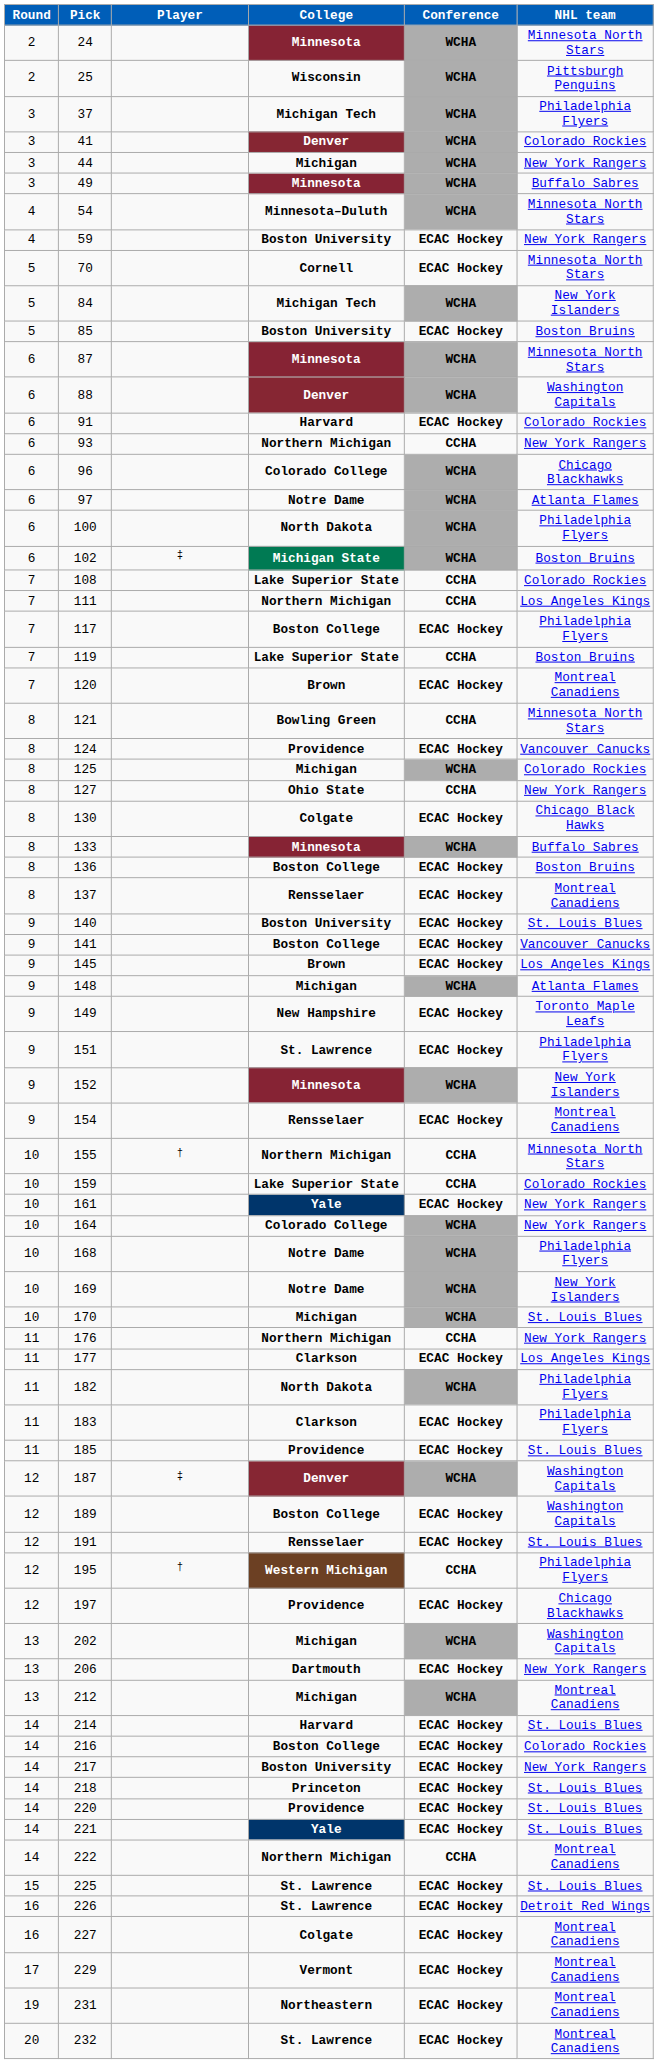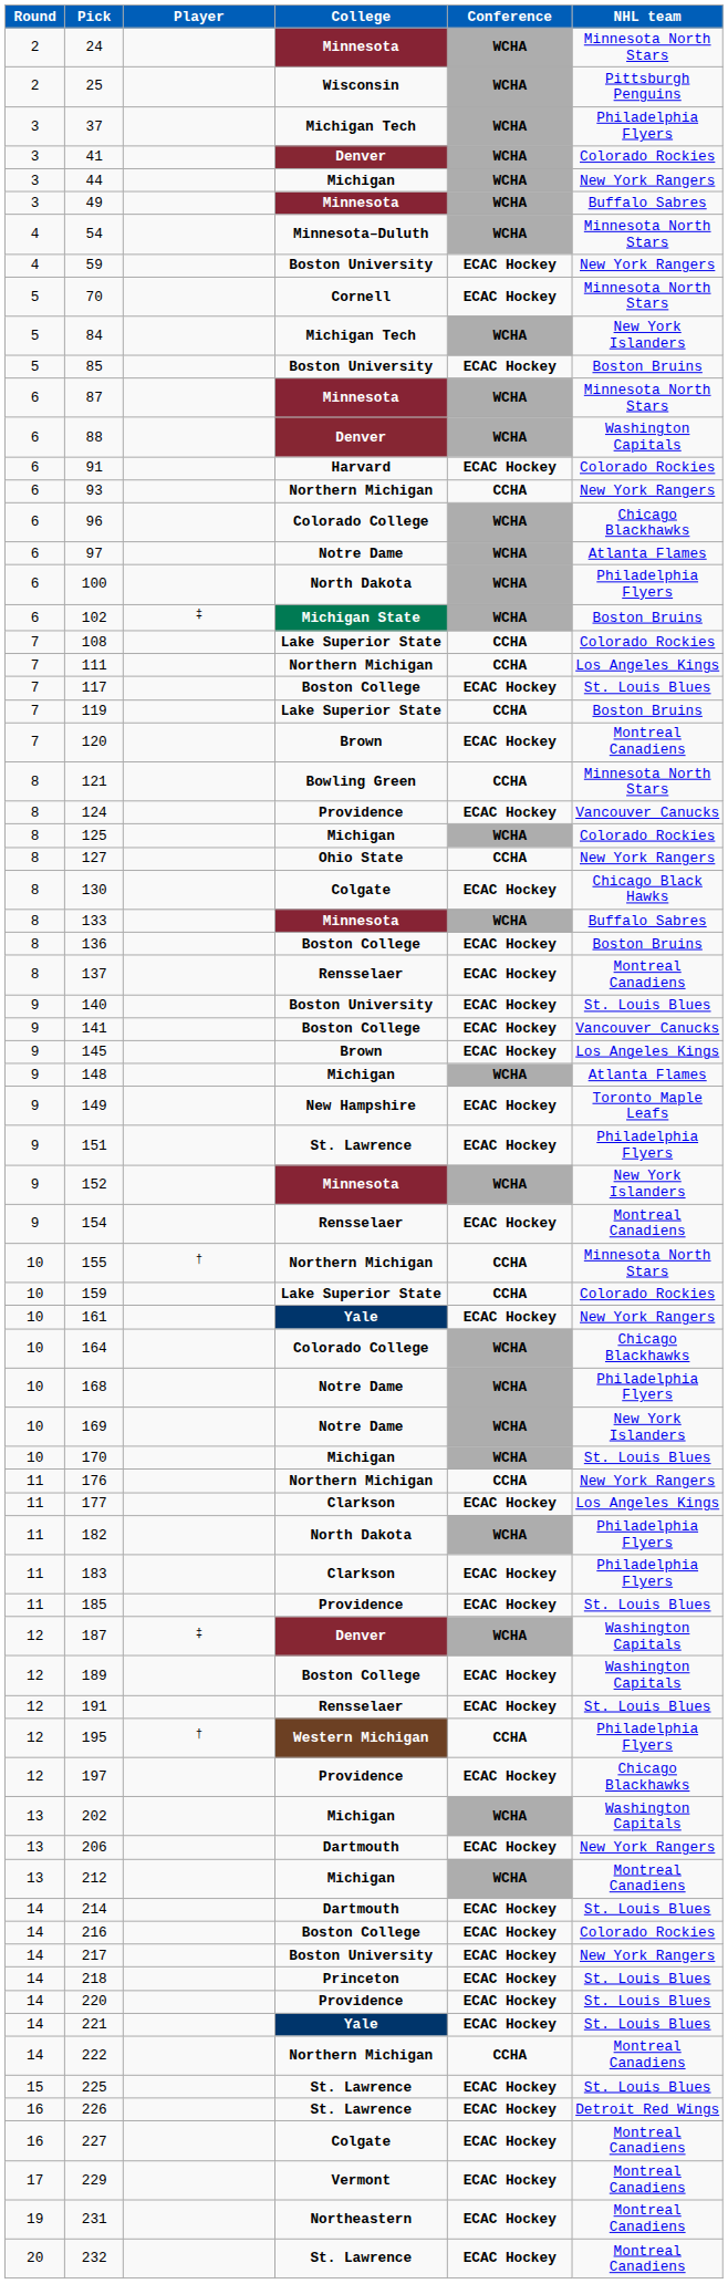 <table class="wikitable sortable" width="75%">
 <tr>
 <th style="color:white; background-color:#005EB8; width: 4em;">Round</th>
 <th style="color:white; background-color:#005EB8; width: 4em;">Pick</th>
 <th style="color:white; background-color:#005EB8; width: 12em;">Player</th>
 <th style="color:white; background-color:#005EB8; width: 13em;">College</th>
 <th style="color:white; background-color:#005EB8; width: 9em;">Conference</th>
 <th style="color:white; background-color:#005EB8; width: 11em;">NHL team</th>
 </tr>
 <tr align="center" bgcolor="">
 <td>2</td>
 <td>24</td>
 <td></td>
 <td style="color:white; background:#862334; "><strong>Minnesota</strong></td>
 <td style="color:black; background:#ADADAD; "><strong>WCHA</strong></td>
 <td><a href='#'>Minnesota North Stars</a></td>
 </tr>
 <tr align="center" bgcolor="">
 <td>2</td>
 <td>25</td>
 <td></td>
 <td><strong>Wisconsin</strong></td>
 <td style="color:black; background:#ADADAD; "><strong>WCHA</strong></td>
 <td><a href='#'>Pittsburgh Penguins</a></td>
 </tr>
 <tr align="center" bgcolor="">
 <td>3</td>
 <td>37</td>
 <td></td>
 <td><strong>Michigan Tech</strong></td>
 <td style="color:black; background:#ADADAD; "><strong>WCHA</strong></td>
 <td><a href='#'>Philadelphia Flyers</a></td>
 </tr>
 <tr align="center" bgcolor="">
 <td>3</td>
 <td>41</td>
 <td></td>
 <td style="color:white; background:#862633; "><strong>Denver</strong></td>
 <td style="color:black; background:#ADADAD; "><strong>WCHA</strong></td>
 <td><a href='#'>Colorado Rockies</a></td>
 </tr>
 <tr align="center" bgcolor="">
 <td>3</td>
 <td>44</td>
 <td></td>
 <td><strong>Michigan</strong></td>
 <td style="color:black; background:#ADADAD; "><strong>WCHA</strong></td>
 <td><a href='#'>New York Rangers</a></td>
 </tr>
 <tr align="center" bgcolor="">
 <td>3</td>
 <td>49</td>
 <td></td>
 <td style="color:white; background:#862334; "><strong>Minnesota</strong></td>
 <td style="color:black; background:#ADADAD; "><strong>WCHA</strong></td>
 <td><a href='#'>Buffalo Sabres</a></td>
 </tr>
 <tr align="center" bgcolor="">
 <td>4</td>
 <td>54</td>
 <td></td>
 <td><strong>Minnesota–Duluth</strong></td>
 <td style="color:black; background:#ADADAD; "><strong>WCHA</strong></td>
 <td><a href='#'>Minnesota North Stars</a></td>
 </tr>
 <tr align="center" bgcolor="">
 <td>4</td>
 <td>59</td>
 <td></td>
 <td><strong>Boston University</strong></td>
 <td><strong>ECAC Hockey</strong></td>
 <td><a href='#'>New York Rangers</a></td>
 </tr>
 <tr align="center" bgcolor="">
 <td>5</td>
 <td>70</td>
 <td></td>
 <td><strong>Cornell</strong></td>
 <td><strong>ECAC Hockey</strong></td>
 <td><a href='#'>Minnesota North Stars</a></td>
 </tr>
 <tr align="center" bgcolor="">
 <td>5</td>
 <td>84</td>
 <td></td>
 <td><strong>Michigan Tech</strong></td>
 <td style="color:black; background:#ADADAD; "><strong>WCHA</strong></td>
 <td><a href='#'>New York Islanders</a></td>
 </tr>
 <tr align="center" bgcolor="">
 <td>5</td>
 <td>85</td>
 <td></td>
 <td><strong>Boston University</strong></td>
 <td><strong>ECAC Hockey</strong></td>
 <td><a href='#'>Boston Bruins</a></td>
 </tr>
 <tr align="center" bgcolor="">
 <td>6</td>
 <td>87</td>
 <td></td>
 <td style="color:white; background:#862334; "><strong>Minnesota</strong></td>
 <td style="color:black; background:#ADADAD; "><strong>WCHA</strong></td>
 <td><a href='#'>Minnesota North Stars</a></td>
 </tr>
 <tr align="center" bgcolor="">
 <td>6</td>
 <td>88</td>
 <td></td>
 <td style="color:white; background:#862633; "><strong>Denver</strong></td>
 <td style="color:black; background:#ADADAD; "><strong>WCHA</strong></td>
 <td><a href='#'>Washington Capitals</a></td>
 </tr>
 <tr align="center" bgcolor="">
 <td>6</td>
 <td>91</td>
 <td></td>
 <td><strong>Harvard</strong></td>
 <td><strong>ECAC Hockey</strong></td>
 <td><a href='#'>Colorado Rockies</a></td>
 </tr>
 <tr align="center" bgcolor="">
 <td>6</td>
 <td>93</td>
 <td></td>
 <td><strong>Northern Michigan</strong></td>
 <td><strong>CCHA</strong></td>
 <td><a href='#'>New York Rangers</a></td>
 </tr>
 <tr align="center" bgcolor="">
 <td>6</td>
 <td>96</td>
 <td></td>
 <td><strong>Colorado College</strong></td>
 <td style="color:black; background:#ADADAD; "><strong>WCHA</strong></td>
 <td><a href='#'>Chicago Blackhawks</a></td>
 </tr>
 <tr align="center" bgcolor="">
 <td>6</td>
 <td>97</td>
 <td></td>
 <td><strong>Notre Dame</strong></td>
 <td style="color:black; background:#ADADAD; "><strong>WCHA</strong></td>
 <td><a href='#'>Atlanta Flames</a></td>
 </tr>
 <tr align="center" bgcolor="">
 <td>6</td>
 <td>100</td>
 <td></td>
 <td><strong>North Dakota</strong></td>
 <td style="color:black; background:#ADADAD; "><strong>WCHA</strong></td>
 <td><a href='#'>Philadelphia Flyers</a></td>
 </tr>
 <tr align="center" bgcolor="">
 <td>6</td>
 <td>102</td>
 <td> <sup>‡</sup></td>
 <td style="color:white; background:#007A53"><strong>Michigan State</strong></td>
 <td style="color:black; background:#ADADAD; "><strong>WCHA</strong></td>
 <td><a href='#'>Boston Bruins</a></td>
 </tr>
 <tr align="center" bgcolor="">
 <td>7</td>
 <td>108</td>
 <td></td>
 <td><strong>Lake Superior State</strong></td>
 <td><strong>CCHA</strong></td>
 <td><a href='#'>Colorado Rockies</a></td>
 </tr>
 <tr align="center" bgcolor="">
 <td>7</td>
 <td>111</td>
 <td></td>
 <td><strong>Northern Michigan</strong></td>
 <td><strong>CCHA</strong></td>
 <td><a href='#'>Los Angeles Kings</a></td>
 </tr>
 <tr align="center" bgcolor="">
 <td>7</td>
 <td>117</td>
 <td></td>
 <td><strong>Boston College</strong></td>
 <td><strong>ECAC Hockey</strong></td>
-<td><a href='#'>Philadelphia Flyers</a></td>
+<td><a href='#'>St. Louis Blues</a></td>
 </tr>
 <tr align="center" bgcolor="">
 <td>7</td>
 <td>119</td>
 <td></td>
 <td><strong>Lake Superior State</strong></td>
 <td><strong>CCHA</strong></td>
 <td><a href='#'>Boston Bruins</a></td>
 </tr>
 <tr align="center" bgcolor="">
 <td>7</td>
 <td>120</td>
 <td></td>
 <td><strong>Brown</strong></td>
 <td><strong>ECAC Hockey</strong></td>
 <td><a href='#'>Montreal Canadiens</a></td>
 </tr>
 <tr align="center" bgcolor="">
 <td>8</td>
 <td>121</td>
 <td></td>
 <td><strong>Bowling Green</strong></td>
 <td><strong>CCHA</strong></td>
 <td><a href='#'>Minnesota North Stars</a></td>
 </tr>
 <tr align="center" bgcolor="">
 <td>8</td>
 <td>124</td>
 <td></td>
 <td><strong>Providence</strong></td>
 <td><strong>ECAC Hockey</strong></td>
 <td><a href='#'>Vancouver Canucks</a></td>
 </tr>
 <tr align="center" bgcolor="">
 <td>8</td>
 <td>125</td>
 <td></td>
 <td><strong>Michigan</strong></td>
 <td style="color:black; background:#ADADAD; "><strong>WCHA</strong></td>
 <td><a href='#'>Colorado Rockies</a></td>
 </tr>
 <tr align="center" bgcolor="">
 <td>8</td>
 <td>127</td>
 <td></td>
 <td><strong>Ohio State</strong></td>
 <td><strong>CCHA</strong></td>
 <td><a href='#'>New York Rangers</a></td>
 </tr>
 <tr align="center" bgcolor="">
 <td>8</td>
 <td>130</td>
 <td></td>
 <td><strong>Colgate</strong></td>
 <td><strong>ECAC Hockey</strong></td>
 <td><a href='#'>Chicago Black Hawks</a></td>
 </tr>
 <tr align="center" bgcolor="">
 <td>8</td>
 <td>133</td>
 <td></td>
 <td style="color:white; background:#862334; "><strong>Minnesota</strong></td>
 <td style="color:black; background:#ADADAD; "><strong>WCHA</strong></td>
 <td><a href='#'>Buffalo Sabres</a></td>
 </tr>
 <tr align="center" bgcolor="">
 <td>8</td>
 <td>136</td>
 <td></td>
 <td><strong>Boston College</strong></td>
 <td><strong>ECAC Hockey</strong></td>
 <td><a href='#'>Boston Bruins</a></td>
 </tr>
 <tr align="center" bgcolor="">
 <td>8</td>
 <td>137</td>
 <td></td>
 <td><strong>Rensselaer</strong></td>
 <td><strong>ECAC Hockey</strong></td>
 <td><a href='#'>Montreal Canadiens</a></td>
 </tr>
 <tr align="center" bgcolor="">
 <td>9</td>
 <td>140</td>
 <td></td>
 <td><strong>Boston University</strong></td>
 <td><strong>ECAC Hockey</strong></td>
 <td><a href='#'>St. Louis Blues</a></td>
 </tr>
 <tr align="center" bgcolor="">
 <td>9</td>
 <td>141</td>
 <td></td>
 <td><strong>Boston College</strong></td>
 <td><strong>ECAC Hockey</strong></td>
 <td><a href='#'>Vancouver Canucks</a></td>
 </tr>
 <tr align="center" bgcolor="">
 <td>9</td>
 <td>145</td>
 <td></td>
 <td><strong>Brown</strong></td>
 <td><strong>ECAC Hockey</strong></td>
 <td><a href='#'>Los Angeles Kings</a></td>
 </tr>
 <tr align="center" bgcolor="">
 <td>9</td>
 <td>148</td>
 <td></td>
 <td><strong>Michigan</strong></td>
 <td style="color:black; background:#ADADAD; "><strong>WCHA</strong></td>
 <td><a href='#'>Atlanta Flames</a></td>
 </tr>
 <tr align="center" bgcolor="">
 <td>9</td>
 <td>149</td>
 <td></td>
 <td><strong>New Hampshire</strong></td>
 <td><strong>ECAC Hockey</strong></td>
 <td><a href='#'>Toronto Maple Leafs</a></td>
 </tr>
 <tr align="center" bgcolor="">
 <td>9</td>
 <td>151</td>
 <td></td>
 <td><strong>St. Lawrence</strong></td>
 <td><strong>ECAC Hockey</strong></td>
 <td><a href='#'>Philadelphia Flyers</a></td>
 </tr>
 <tr align="center" bgcolor="">
 <td>9</td>
 <td>152</td>
 <td></td>
 <td style="color:white; background:#862334; "><strong>Minnesota</strong></td>
 <td style="color:black; background:#ADADAD; "><strong>WCHA</strong></td>
 <td><a href='#'>New York Islanders</a></td>
 </tr>
 <tr align="center" bgcolor="">
 <td>9</td>
 <td>154</td>
 <td></td>
 <td><strong>Rensselaer</strong></td>
 <td><strong>ECAC Hockey</strong></td>
 <td><a href='#'>Montreal Canadiens</a></td>
 </tr>
 <tr align="center" bgcolor="">
 <td>10</td>
 <td>155</td>
 <td> <sup>†</sup></td>
 <td><strong>Northern Michigan</strong></td>
 <td><strong>CCHA</strong></td>
 <td><a href='#'>Minnesota North Stars</a></td>
 </tr>
 <tr align="center" bgcolor="">
 <td>10</td>
 <td>159</td>
 <td></td>
 <td><strong>Lake Superior State</strong></td>
 <td><strong>CCHA</strong></td>
 <td><a href='#'>Colorado Rockies</a></td>
 </tr>
 <tr align="center" bgcolor="">
 <td>10</td>
 <td>161</td>
 <td></td>
 <td style="color:white; background:#00356B"><strong>Yale</strong></td>
 <td><strong>ECAC Hockey</strong></td>
 <td><a href='#'>New York Rangers</a></td>
 </tr>
 <tr align="center" bgcolor="">
 <td>10</td>
 <td>164</td>
 <td></td>
 <td><strong>Colorado College</strong></td>
 <td style="color:black; background:#ADADAD; "><strong>WCHA</strong></td>
-<td><a href='#'>New York Rangers</a></td>
+<td><a href='#'>Chicago Blackhawks</a></td>
 </tr>
 <tr align="center" bgcolor="">
 <td>10</td>
 <td>168</td>
 <td></td>
 <td><strong>Notre Dame</strong></td>
 <td style="color:black; background:#ADADAD; "><strong>WCHA</strong></td>
 <td><a href='#'>Philadelphia Flyers</a></td>
 </tr>
 <tr align="center" bgcolor="">
 <td>10</td>
 <td>169</td>
 <td></td>
 <td><strong>Notre Dame</strong></td>
 <td style="color:black; background:#ADADAD; "><strong>WCHA</strong></td>
 <td><a href='#'>New York Islanders</a></td>
 </tr>
 <tr align="center" bgcolor="">
 <td>10</td>
 <td>170</td>
 <td></td>
 <td><strong>Michigan</strong></td>
 <td style="color:black; background:#ADADAD; "><strong>WCHA</strong></td>
 <td><a href='#'>St. Louis Blues</a></td>
 </tr>
 <tr align="center" bgcolor="">
 <td>11</td>
 <td>176</td>
 <td></td>
 <td><strong>Northern Michigan</strong></td>
 <td><strong>CCHA</strong></td>
 <td><a href='#'>New York Rangers</a></td>
 </tr>
 <tr align="center" bgcolor="">
 <td>11</td>
 <td>177</td>
 <td></td>
 <td><strong>Clarkson</strong></td>
 <td><strong>ECAC Hockey</strong></td>
 <td><a href='#'>Los Angeles Kings</a></td>
 </tr>
 <tr align="center" bgcolor="">
 <td>11</td>
 <td>182</td>
 <td></td>
 <td><strong>North Dakota</strong></td>
 <td style="color:black; background:#ADADAD; "><strong>WCHA</strong></td>
 <td><a href='#'>Philadelphia Flyers</a></td>
 </tr>
 <tr align="center" bgcolor="">
 <td>11</td>
 <td>183</td>
 <td></td>
 <td><strong>Clarkson</strong></td>
 <td><strong>ECAC Hockey</strong></td>
 <td><a href='#'>Philadelphia Flyers</a></td>
 </tr>
 <tr align="center" bgcolor="">
 <td>11</td>
 <td>185</td>
 <td></td>
 <td><strong>Providence</strong></td>
 <td><strong>ECAC Hockey</strong></td>
 <td><a href='#'>St. Louis Blues</a></td>
 </tr>
 <tr align="center" bgcolor="">
 <td>12</td>
 <td>187</td>
 <td> <sup>‡</sup></td>
 <td style="color:white; background:#862633; "><strong>Denver</strong></td>
 <td style="color:black; background:#ADADAD; "><strong>WCHA</strong></td>
 <td><a href='#'>Washington Capitals</a></td>
 </tr>
 <tr align="center" bgcolor="">
 <td>12</td>
 <td>189</td>
 <td></td>
 <td><strong>Boston College</strong></td>
 <td><strong>ECAC Hockey</strong></td>
 <td><a href='#'>Washington Capitals</a></td>
 </tr>
 <tr align="center" bgcolor="">
 <td>12</td>
 <td>191</td>
 <td></td>
 <td><strong>Rensselaer</strong></td>
 <td><strong>ECAC Hockey</strong></td>
 <td><a href='#'>St. Louis Blues</a></td>
 </tr>
 <tr align="center" bgcolor="">
 <td>12</td>
 <td>195</td>
 <td> <sup>†</sup></td>
 <td style="color:white; background:#6C4023; "><strong>Western Michigan</strong></td>
 <td><strong>CCHA</strong></td>
 <td><a href='#'>Philadelphia Flyers</a></td>
 </tr>
 <tr align="center" bgcolor="">
 <td>12</td>
 <td>197</td>
 <td></td>
 <td><strong>Providence</strong></td>
 <td><strong>ECAC Hockey</strong></td>
 <td><a href='#'>Chicago Blackhawks</a></td>
 </tr>
 <tr align="center" bgcolor="">
 <td>13</td>
 <td>202</td>
 <td></td>
 <td><strong>Michigan</strong></td>
 <td style="color:black; background:#ADADAD; "><strong>WCHA</strong></td>
 <td><a href='#'>Washington Capitals</a></td>
 </tr>
 <tr align="center" bgcolor="">
 <td>13</td>
 <td>206</td>
 <td></td>
 <td><strong>Dartmouth</strong></td>
 <td><strong>ECAC Hockey</strong></td>
 <td><a href='#'>New York Rangers</a></td>
 </tr>
 <tr align="center" bgcolor="">
 <td>13</td>
 <td>212</td>
 <td></td>
 <td><strong>Michigan</strong></td>
 <td style="color:black; background:#ADADAD; "><strong>WCHA</strong></td>
 <td><a href='#'>Montreal Canadiens</a></td>
 </tr>
 <tr align="center" bgcolor="">
 <td>14</td>
 <td>214</td>
 <td></td>
-<td><strong>Harvard</strong></td>
+<td><strong>Dartmouth</strong></td>
 <td><strong>ECAC Hockey</strong></td>
 <td><a href='#'>St. Louis Blues</a></td>
 </tr>
 <tr align="center" bgcolor="">
 <td>14</td>
 <td>216</td>
 <td></td>
 <td><strong>Boston College</strong></td>
 <td><strong>ECAC Hockey</strong></td>
 <td><a href='#'>Colorado Rockies</a></td>
 </tr>
 <tr align="center" bgcolor="">
 <td>14</td>
 <td>217</td>
 <td></td>
 <td><strong>Boston University</strong></td>
 <td><strong>ECAC Hockey</strong></td>
 <td><a href='#'>New York Rangers</a></td>
 </tr>
 <tr align="center" bgcolor="">
 <td>14</td>
 <td>218</td>
 <td></td>
 <td><strong>Princeton</strong></td>
 <td><strong>ECAC Hockey</strong></td>
 <td><a href='#'>St. Louis Blues</a></td>
 </tr>
 <tr align="center" bgcolor="">
 <td>14</td>
 <td>220</td>
 <td></td>
 <td><strong>Providence</strong></td>
 <td><strong>ECAC Hockey</strong></td>
 <td><a href='#'>St. Louis Blues</a></td>
 </tr>
 <tr align="center" bgcolor="">
 <td>14</td>
 <td>221</td>
 <td></td>
 <td style="color:white; background:#00356B"><strong>Yale</strong></td>
 <td><strong>ECAC Hockey</strong></td>
 <td><a href='#'>St. Louis Blues</a></td>
 </tr>
 <tr align="center" bgcolor="">
 <td>14</td>
 <td>222</td>
 <td></td>
 <td><strong>Northern Michigan</strong></td>
 <td><strong>CCHA</strong></td>
 <td><a href='#'>Montreal Canadiens</a></td>
 </tr>
 <tr align="center" bgcolor="">
 <td>15</td>
 <td>225</td>
 <td></td>
 <td><strong>St. Lawrence</strong></td>
 <td><strong>ECAC Hockey</strong></td>
 <td><a href='#'>St. Louis Blues</a></td>
 </tr>
 <tr align="center" bgcolor="">
 <td>16</td>
 <td>226</td>
 <td></td>
 <td><strong>St. Lawrence</strong></td>
 <td><strong>ECAC Hockey</strong></td>
 <td><a href='#'>Detroit Red Wings</a></td>
 </tr>
 <tr align="center" bgcolor="">
 <td>16</td>
 <td>227</td>
 <td></td>
 <td><strong>Colgate</strong></td>
 <td><strong>ECAC Hockey</strong></td>
 <td><a href='#'>Montreal Canadiens</a></td>
 </tr>
 <tr align="center" bgcolor="">
 <td>17</td>
 <td>229</td>
 <td></td>
 <td><strong>Vermont</strong></td>
 <td><strong>ECAC Hockey</strong></td>
 <td><a href='#'>Montreal Canadiens</a></td>
 </tr>
 <tr align="center" bgcolor="">
 <td>19</td>
 <td>231</td>
 <td></td>
 <td><strong>Northeastern</strong></td>
 <td><strong>ECAC Hockey</strong></td>
 <td><a href='#'>Montreal Canadiens</a></td>
 </tr>
 <tr align="center" bgcolor="">
 <td>20</td>
 <td>232</td>
 <td></td>
 <td><strong>St. Lawrence</strong></td>
 <td><strong>ECAC Hockey</strong></td>
 <td><a href='#'>Montreal Canadiens</a></td>
 </tr>
 </table>
